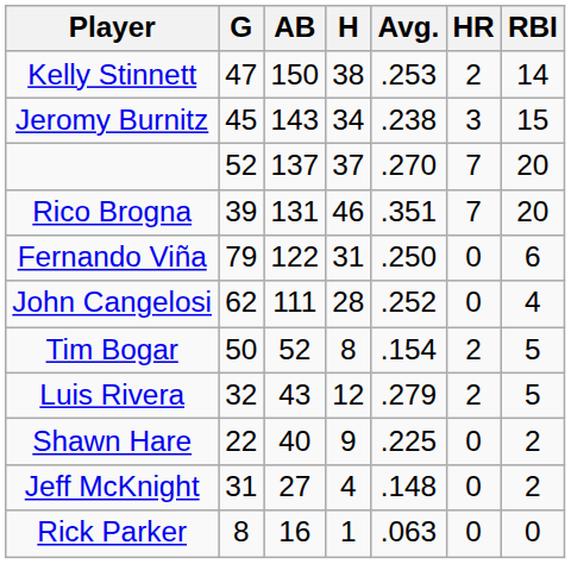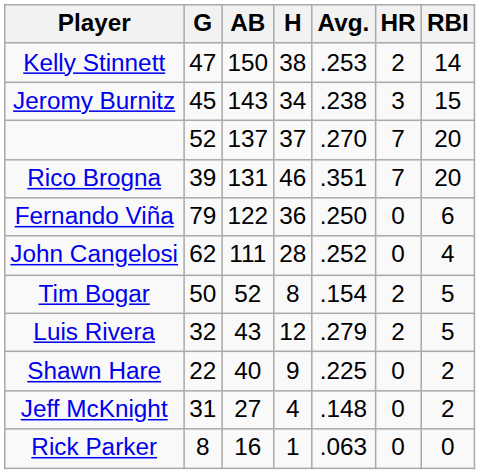 <table class="wikitable sortable">
 <tr>
 <th>Player</th>
 <th>G</th>
 <th>AB</th>
 <th>H</th>
 <th>Avg.</th>
 <th>HR</th>
 <th>RBI</th>
 </tr>
 <tr align="center">
 <td><a href='#'>Kelly Stinnett</a></td>
 <td>47</td>
 <td>150</td>
 <td>38</td>
 <td>.253</td>
 <td>2</td>
 <td>14</td>
 </tr>
 <tr align=center>
 <td><a href='#'>Jeromy Burnitz</a></td>
 <td>45</td>
 <td>143</td>
 <td>34</td>
 <td>.238</td>
 <td>3</td>
 <td>15</td>
 </tr>
 <tr align=center>
 <td></td>
 <td>52</td>
 <td>137</td>
 <td>37</td>
 <td>.270</td>
 <td>7</td>
 <td>20</td>
 </tr>
 <tr align="center">
 <td><a href='#'>Rico Brogna</a></td>
 <td>39</td>
 <td>131</td>
 <td>46</td>
 <td>.351</td>
 <td>7</td>
 <td>20</td>
 </tr>
 <tr align=center>
 <td><a href='#'>Fernando Viña</a></td>
 <td>79</td>
 <td>122</td>
-<td>31</td>
+<td>36</td>
 <td>.250</td>
 <td>0</td>
 <td>6</td>
 </tr>
 <tr align=center>
 <td><a href='#'>John Cangelosi</a></td>
 <td>62</td>
 <td>111</td>
 <td>28</td>
 <td>.252</td>
 <td>0</td>
 <td>4</td>
 </tr>
 <tr align=center>
 <td><a href='#'>Tim Bogar</a></td>
 <td>50</td>
 <td>52</td>
 <td>8</td>
 <td>.154</td>
 <td>2</td>
 <td>5</td>
 </tr>
 <tr align=center>
 <td><a href='#'>Luis Rivera</a></td>
 <td>32</td>
 <td>43</td>
 <td>12</td>
 <td>.279</td>
 <td>2</td>
 <td>5</td>
 </tr>
 <tr align=center>
 <td><a href='#'>Shawn Hare</a></td>
 <td>22</td>
 <td>40</td>
 <td>9</td>
 <td>.225</td>
 <td>0</td>
 <td>2</td>
 </tr>
 <tr align=center>
 <td><a href='#'>Jeff McKnight</a></td>
 <td>31</td>
 <td>27</td>
 <td>4</td>
 <td>.148</td>
 <td>0</td>
 <td>2</td>
 </tr>
 <tr align=center>
 <td><a href='#'>Rick Parker</a></td>
 <td>8</td>
 <td>16</td>
 <td>1</td>
 <td>.063</td>
 <td>0</td>
 <td>0</td>
 </tr>
 </table>
